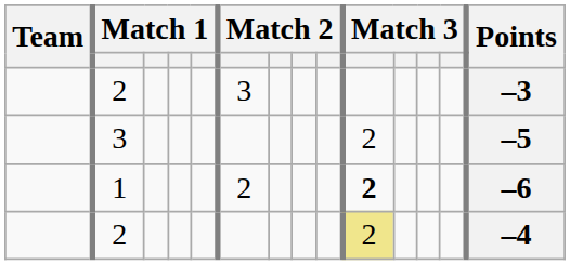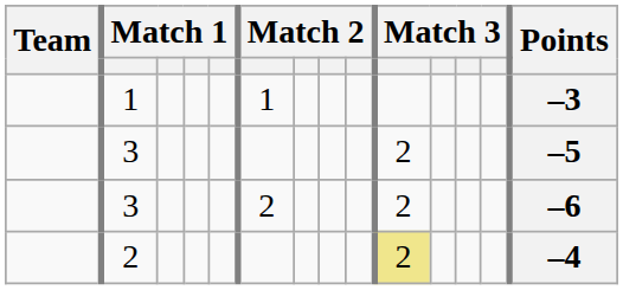 <table class="wikitable sortable" style="text-align:center;">
 <tr>
 <th rowspan=2>Team</th>
 <th colspan=4 style="border-left:3px solid gray">Match 1</th>
 <th colspan=4 style="border-left:3px solid gray">Match 2</th>
 <th colspan=4 style="border-left:3px solid gray">Match 3</th>
 <th rowspan=2 style="border-left:3px solid gray">Points</th>
 </tr>
 <tr>
 <th style="border-left:3px solid gray"></th>
 <th></th>
 <th></th>
 <th></th>
 <th style="border-left:3px solid gray"></th>
 <th></th>
 <th></th>
 <th></th>
 <th style="border-left:3px solid gray"></th>
 <th></th>
 <th></th>
 <th></th>
 </tr>
 <tr>
 <td align=left></td>
-<td style="border-left:3px solid gray">2</td>
+<td style="border-left:3px solid gray">1</td>
 <td></td>
 <td></td>
 <td></td>
-<td style="border-left:3px solid gray">3</td>
+<td style="border-left:3px solid gray">1</td>
 <td></td>
 <td></td>
 <td></td>
 <td style="border-left:3px solid gray"></td>
 <td></td>
 <td></td>
 <td></td>
 <th style="border-left:3px solid gray">–3</th>
 </tr>
 <tr>
 <td align=left></td>
 <td style="border-left:3px solid gray">3</td>
 <td></td>
 <td></td>
 <td></td>
 <td style="border-left:3px solid gray"></td>
 <td></td>
 <td></td>
 <td></td>
 <td style="border-left:3px solid gray">2</td>
 <td></td>
 <td></td>
 <td></td>
 <th style="border-left:3px solid gray">–5</th>
 </tr>
 <tr>
 <td align=left></td>
-<td style="border-left:3px solid gray">1</td>
+<td style="border-left:3px solid gray">3</td>
 <td></td>
 <td></td>
 <td></td>
 <td style="border-left:3px solid gray">2</td>
 <td></td>
 <td></td>
 <td></td>
-<td style="border-left:3px solid gray"><strong>2</strong></td>
+<td style="border-left:3px solid gray">2</td>
 <td></td>
 <td></td>
 <td></td>
 <th style="border-left:3px solid gray">–6</th>
 </tr>
 <tr>
 <td align=left></td>
 <td style="border-left:3px solid gray">2</td>
 <td></td>
 <td></td>
 <td></td>
 <td style="border-left:3px solid gray"></td>
 <td></td>
 <td></td>
 <td></td>
 <td style="background: khaki; border-left:3px solid gray">2</td>
 <td></td>
 <td></td>
 <td></td>
 <th style="border-left:3px solid gray">–4</th>
 </tr>
 </table>
